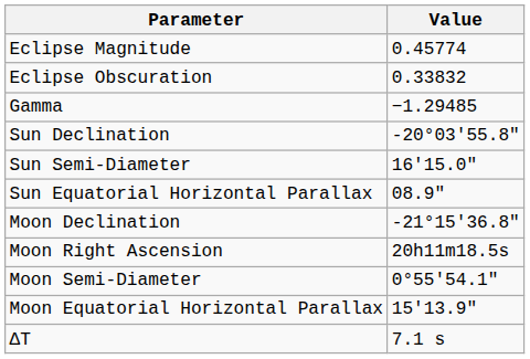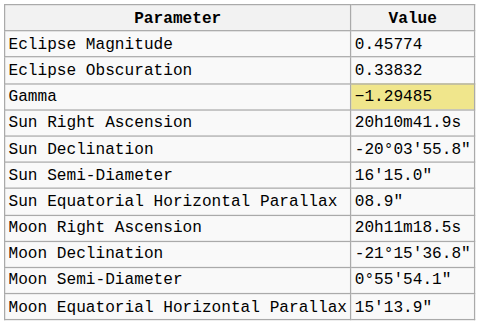 <table class="wikitable">
 <tr>
 <th>Parameter</th>
 <th>Value</th>
 </tr>
 <tr>
 <td>Eclipse Magnitude</td>
 <td>0.45774</td>
 </tr>
 <tr>
 <td>Eclipse Obscuration</td>
 <td>0.33832</td>
 </tr>
 <tr>
 <td>Gamma</td>
-<td>−1.29485</td>
+<td style="background: khaki;">−1.29485</td>
+</tr>
+<tr>
+<td>Sun Right Ascension</td>
+<td>20h10m41.9s</td>
 </tr>
 <tr>
 <td>Sun Declination</td>
 <td>-20°03'55.8"</td>
 </tr>
 <tr>
 <td>Sun Semi-Diameter</td>
 <td>16'15.0"</td>
 </tr>
 <tr>
 <td>Sun Equatorial Horizontal Parallax</td>
 <td>08.9"</td>
 </tr>
 <tr>
+<td>Moon Right Ascension</td>
+<td>20h11m18.5s</td>
+</tr>
+<tr>
 <td>Moon Declination</td>
 <td>-21°15'36.8"</td>
-</tr>
-<tr>
-<td>Moon Right Ascension</td>
-<td>20h11m18.5s</td>
 </tr>
 <tr>
 <td>Moon Semi-Diameter</td>
 <td>0°55'54.1"</td>
 </tr>
 <tr>
 <td>Moon Equatorial Horizontal Parallax</td>
 <td>15'13.9"</td>
 </tr>
-<tr>
-<td>ΔT</td>
-<td>7.1 s</td>
-</tr>
 </table>
